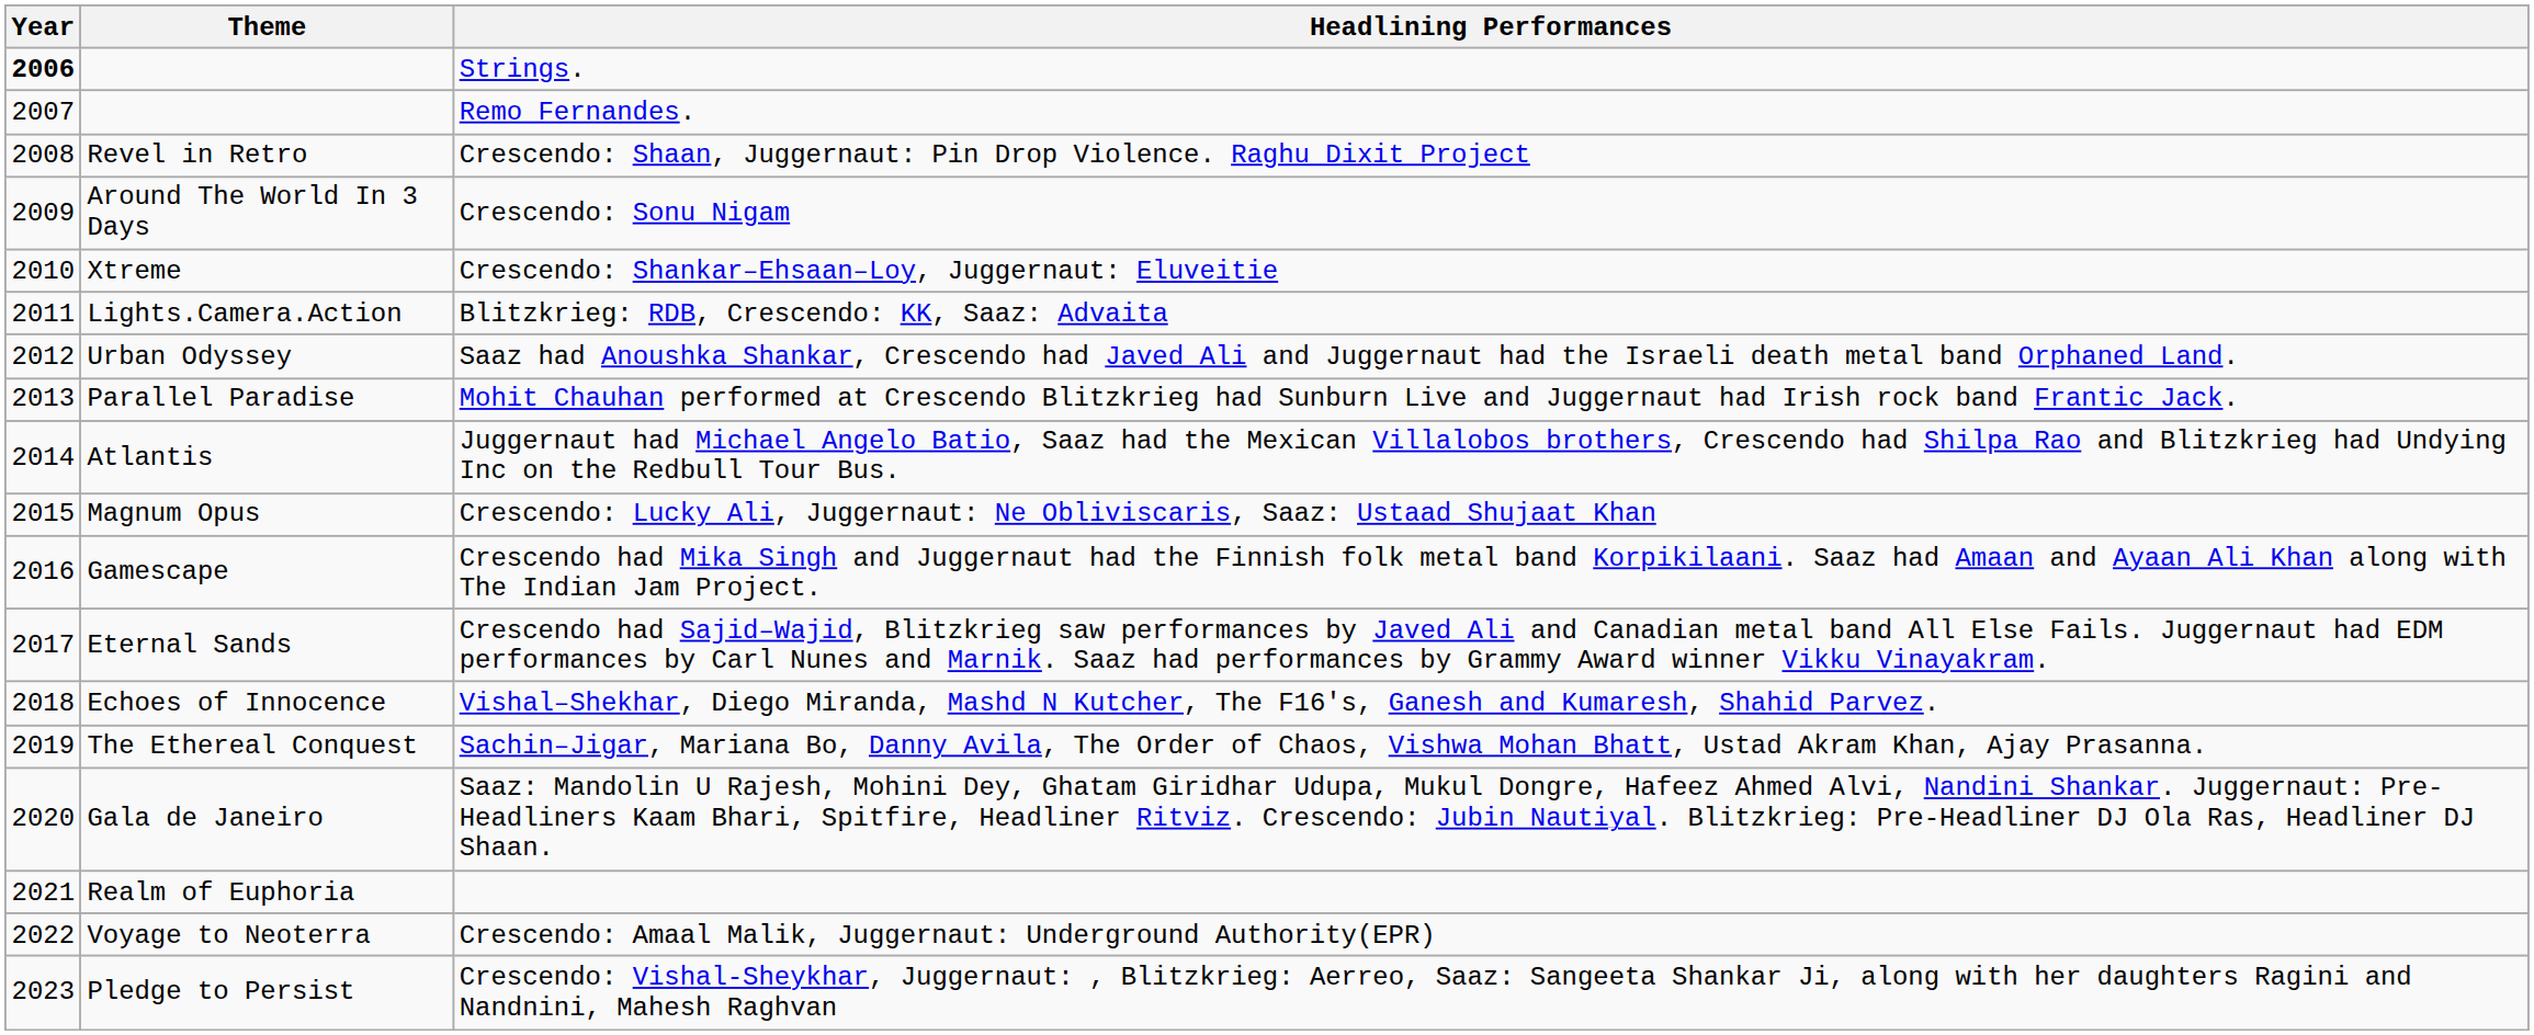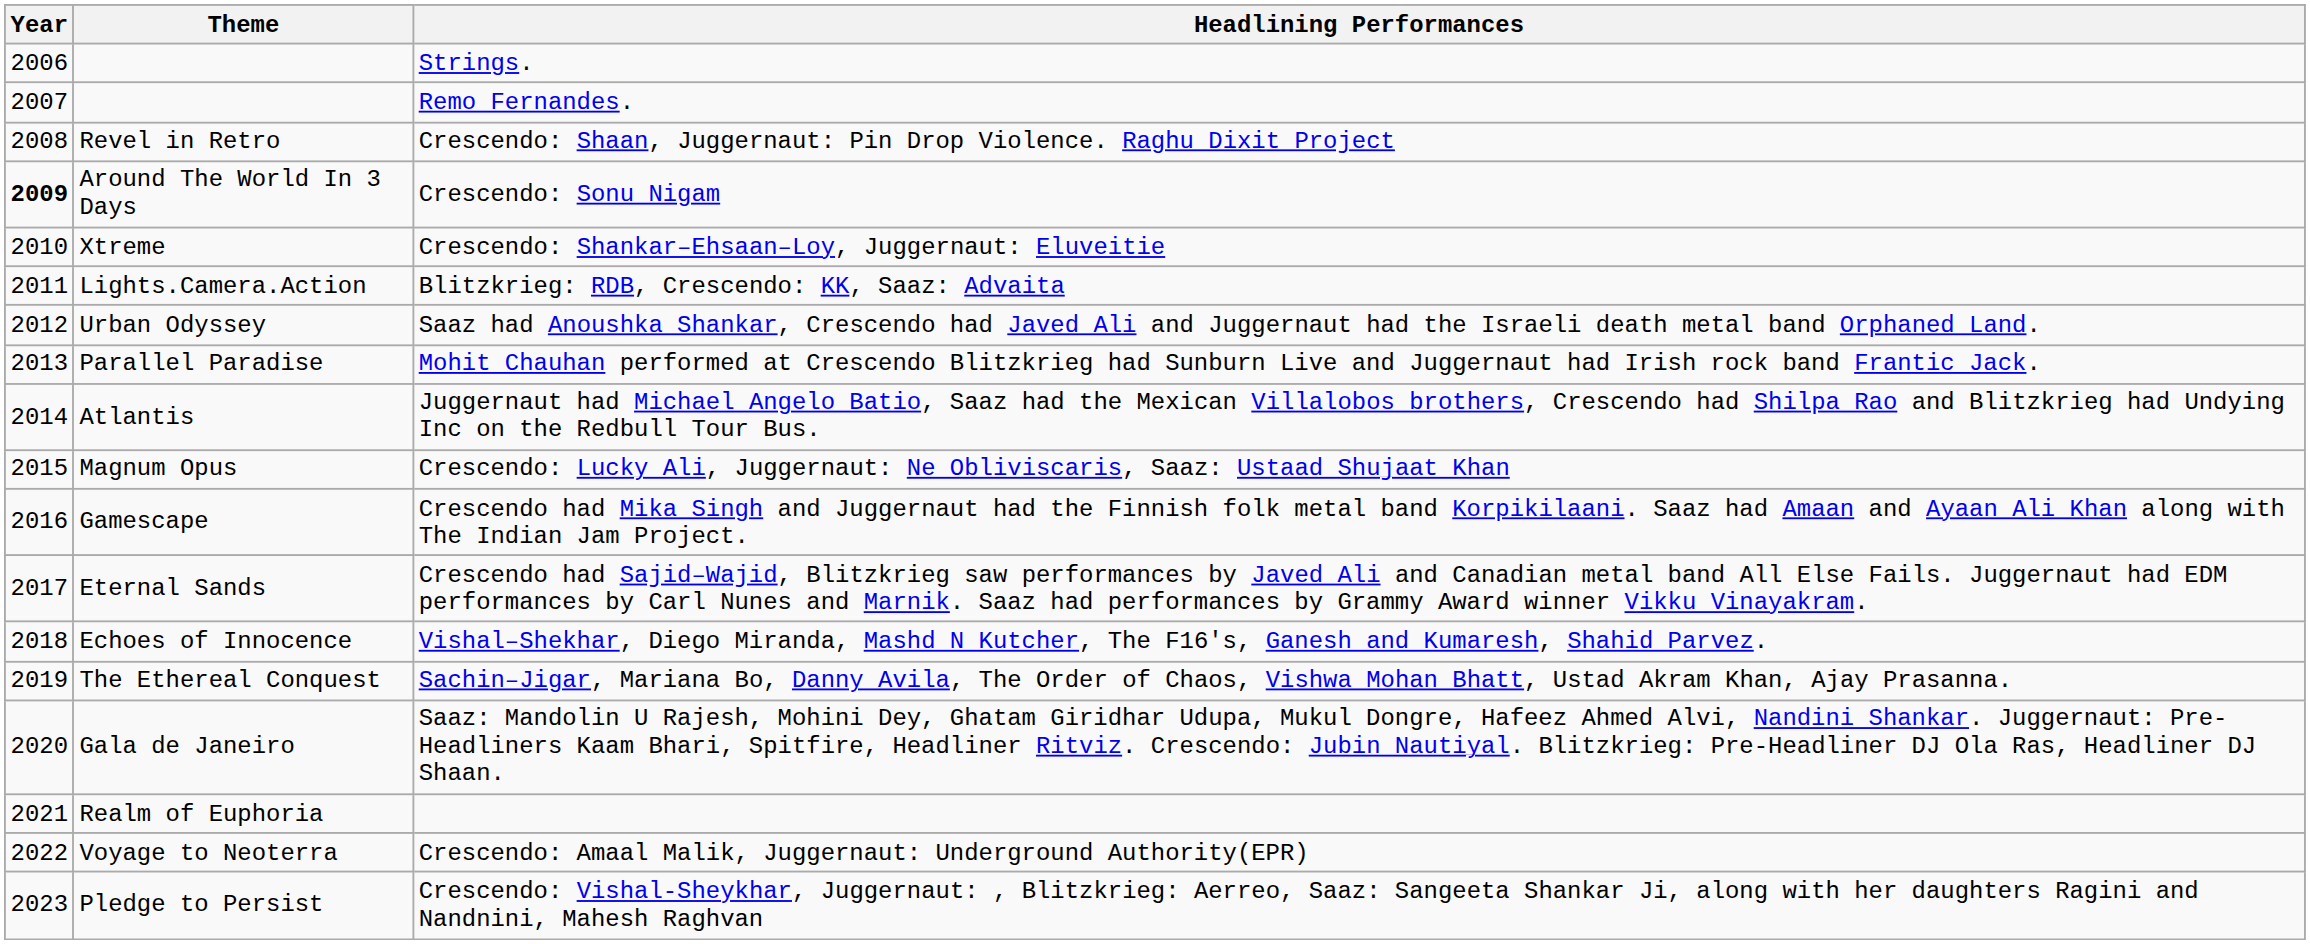 <table class="wikitable">
 <tr>
 <th>Year</th>
 <th>Theme</th>
 <th>Headlining Performances</th>
 </tr>
 <tr>
-<td><strong>2006</strong></td>
+<td>2006</td>
 <td></td>
 <td><a href='#'>Strings</a>.</td>
 </tr>
 <tr>
 <td>2007</td>
 <td></td>
 <td><a href='#'>Remo Fernandes</a>.</td>
 </tr>
 <tr>
 <td>2008</td>
 <td>Revel in Retro</td>
 <td>Crescendo: <a href='#'>Shaan</a>, Juggernaut: Pin Drop Violence. <a href='#'>Raghu Dixit Project</a></td>
 </tr>
 <tr>
-<td>2009</td>
+<td><strong>2009</strong></td>
 <td>Around The World In 3 Days</td>
 <td>Crescendo: <a href='#'>Sonu Nigam</a></td>
 </tr>
 <tr>
 <td>2010</td>
 <td>Xtreme</td>
 <td>Crescendo: <a href='#'>Shankar–Ehsaan–Loy</a>, Juggernaut: <a href='#'>Eluveitie</a></td>
 </tr>
 <tr>
 <td>2011</td>
 <td>Lights.Camera.Action</td>
 <td>Blitzkrieg: <a href='#'>RDB</a>, Crescendo: <a href='#'>KK</a>, Saaz: <a href='#'>Advaita</a></td>
 </tr>
 <tr>
 <td>2012</td>
 <td>Urban Odyssey</td>
 <td>Saaz had <a href='#'>Anoushka Shankar</a>, Crescendo had <a href='#'>Javed Ali</a> and Juggernaut had the Israeli death metal band <a href='#'>Orphaned Land</a>.</td>
 </tr>
 <tr>
 <td>2013</td>
 <td>Parallel Paradise</td>
 <td><a href='#'>Mohit Chauhan</a> performed at Crescendo Blitzkrieg had Sunburn Live and Juggernaut had Irish rock band <a href='#'>Frantic Jack</a>.</td>
 </tr>
 <tr>
 <td>2014</td>
 <td>Atlantis</td>
 <td>Juggernaut had <a href='#'>Michael Angelo Batio</a>, Saaz had the Mexican <a href='#'>Villalobos brothers</a>, Crescendo had <a href='#'>Shilpa Rao</a> and Blitzkrieg had Undying Inc on the Redbull Tour Bus.</td>
 </tr>
 <tr>
 <td>2015</td>
 <td>Magnum Opus</td>
 <td>Crescendo: <a href='#'>Lucky Ali</a>, Juggernaut: <a href='#'>Ne Obliviscaris</a>, Saaz: <a href='#'>Ustaad Shujaat Khan</a></td>
 </tr>
 <tr>
 <td>2016</td>
 <td>Gamescape</td>
 <td>Crescendo had <a href='#'>Mika Singh</a> and Juggernaut had the Finnish folk metal band <a href='#'>Korpikilaani</a>. Saaz had <a href='#'>Amaan</a> and <a href='#'>Ayaan Ali Khan</a> along with The Indian Jam Project.</td>
 </tr>
 <tr>
 <td>2017</td>
 <td>Eternal Sands</td>
 <td>Crescendo had <a href='#'>Sajid–Wajid</a>, Blitzkrieg saw performances by <a href='#'>Javed Ali</a> and Canadian metal band All Else Fails. Juggernaut had EDM performances by Carl Nunes and <a href='#'>Marnik</a>. Saaz had performances by Grammy Award winner <a href='#'>Vikku Vinayakram</a>.</td>
 </tr>
 <tr>
 <td>2018</td>
 <td>Echoes of Innocence</td>
 <td><a href='#'>Vishal–Shekhar</a>, Diego Miranda, <a href='#'>Mashd N Kutcher</a>, The F16's, <a href='#'>Ganesh and Kumaresh</a>, <a href='#'>Shahid Parvez</a>.</td>
 </tr>
 <tr>
 <td>2019</td>
 <td>The Ethereal Conquest</td>
 <td><a href='#'>Sachin–Jigar</a>, Mariana Bo, <a href='#'>Danny Avila</a>, The Order of Chaos, <a href='#'>Vishwa Mohan Bhatt</a>, Ustad Akram Khan, Ajay Prasanna.</td>
 </tr>
 <tr>
 <td>2020</td>
 <td>Gala de Janeiro</td>
 <td>Saaz: Mandolin U Rajesh, Mohini Dey, Ghatam Giridhar Udupa, Mukul Dongre, Hafeez Ahmed Alvi, <a href='#'>Nandini Shankar</a>. Juggernaut: Pre-Headliners Kaam Bhari, Spitfire, Headliner <a href='#'>Ritviz</a>. Crescendo: <a href='#'>Jubin Nautiyal</a>. Blitzkrieg: Pre-Headliner DJ Ola Ras, Headliner DJ Shaan.</td>
 </tr>
 <tr>
 <td>2021</td>
 <td>Realm of Euphoria</td>
 <td></td>
 </tr>
 <tr>
 <td>2022</td>
 <td>Voyage to Neoterra</td>
 <td>Crescendo: Amaal Malik, Juggernaut: Underground Authority(EPR)</td>
 </tr>
 <tr>
 <td>2023</td>
 <td>Pledge to Persist</td>
 <td>Crescendo: <a href='#'>Vishal-Sheykhar</a>, Juggernaut: , Blitzkrieg: Aerreo, Saaz: Sangeeta Shankar Ji, along with her daughters Ragini and Nandnini, Mahesh Raghvan</td>
 </tr>
 <tr>
 </tr>
 </table>
